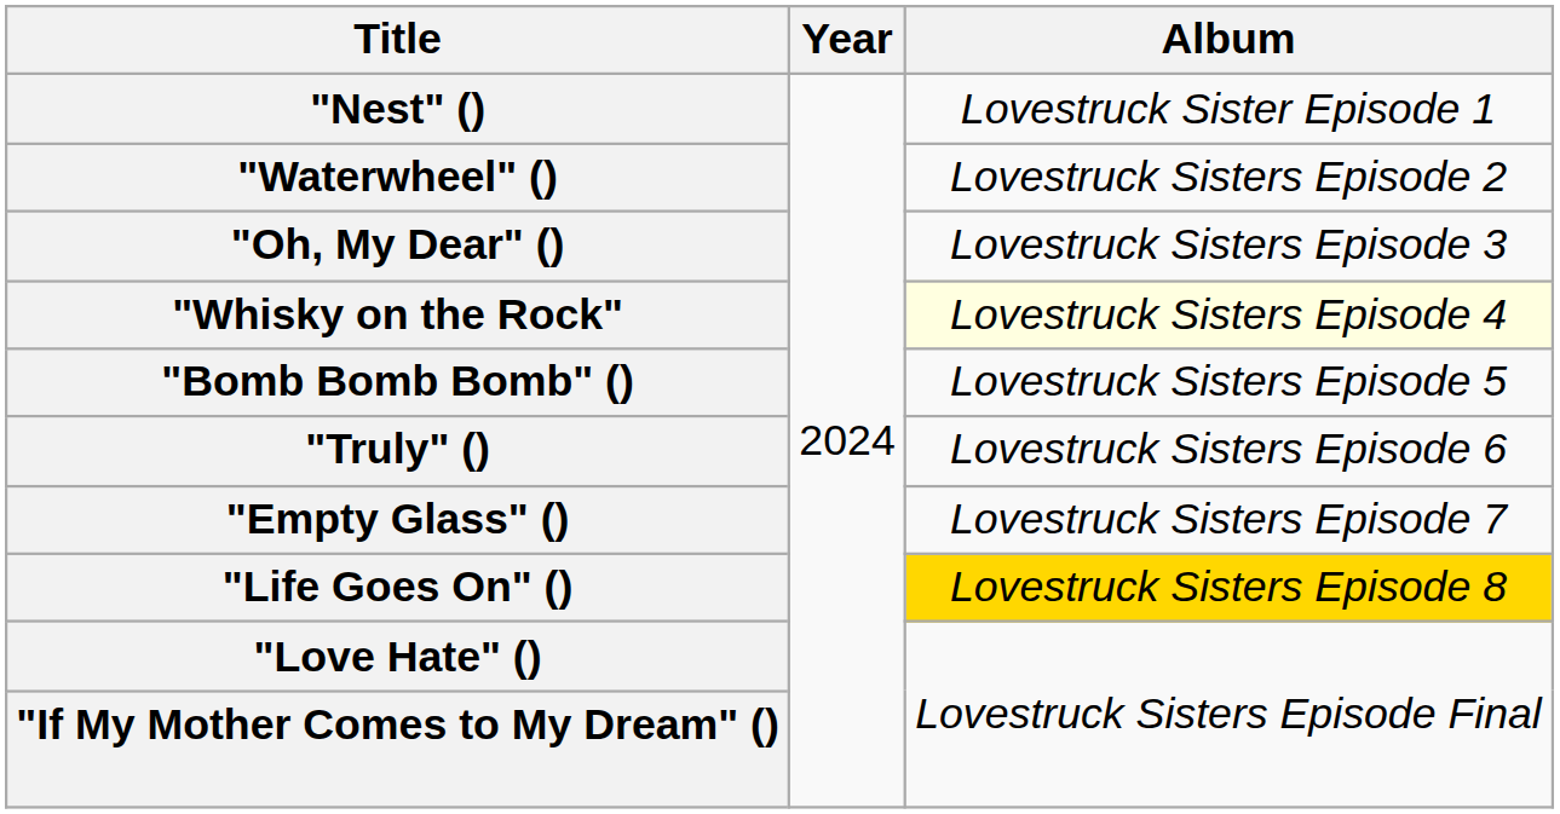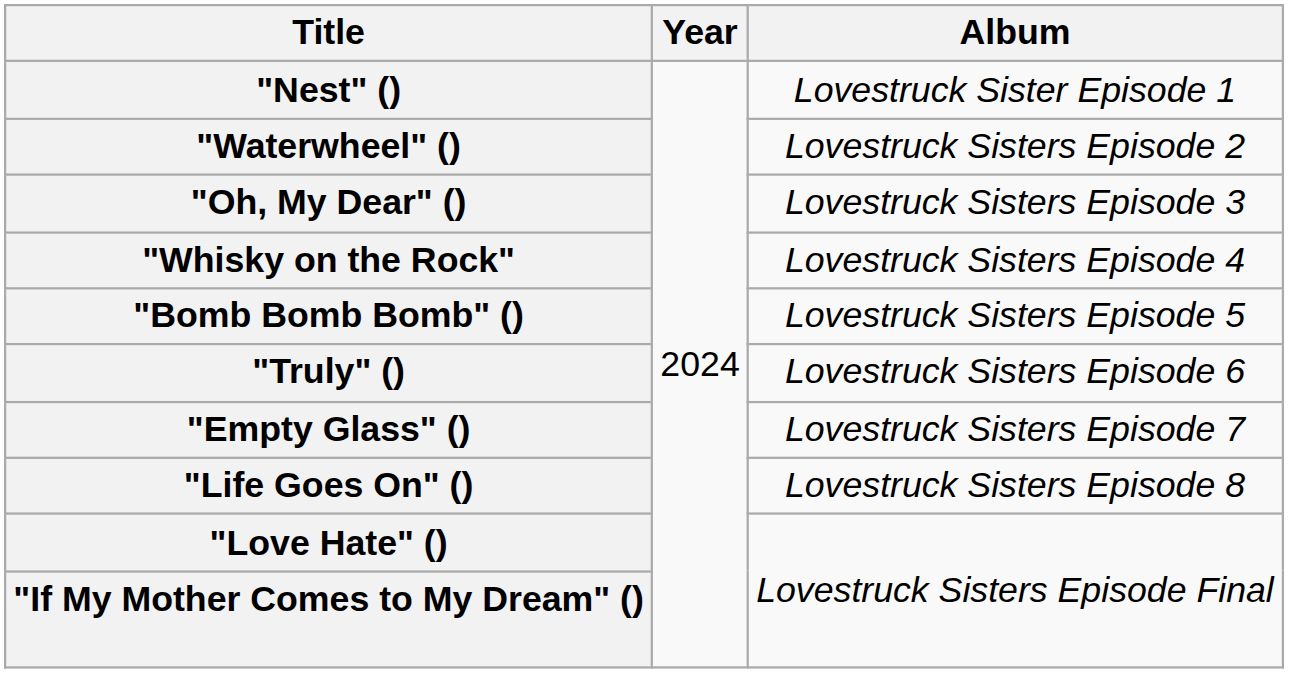 <table class="wikitable plainrowheaders" style="text-align:center">
 <tr>
 <th scope="col">Title</th>
 <th scope="col">Year<br></th>
 <th scope="col">Album<br></th>
 </tr>
 <tr>
 <th scope="row">"Nest" ()</th>
 <td rowspan="10">2024</td>
 <td><em>Lovestruck Sister Episode 1</em></td>
 </tr>
 <tr>
 <th scope="row">"Waterwheel" ()<br></th>
 <td><em>Lovestruck Sisters Episode 2</em></td>
 </tr>
 <tr>
 <th scope="row">"Oh, My Dear" ()<br></th>
 <td><em>Lovestruck Sisters Episode 3</em></td>
 </tr>
 <tr>
 <th scope="row">"Whisky on the Rock"<br></th>
-<td style="background: lightyellow;"><em>Lovestruck Sisters Episode 4</em></td>
+<td><em>Lovestruck Sisters Episode 4</em></td>
 </tr>
 <tr>
 <th scope="row">"Bomb Bomb Bomb" ()</th>
 <td><em>Lovestruck Sisters Episode 5</em></td>
 </tr>
 <tr>
 <th scope="row">"Truly" ()<br></th>
 <td><em>Lovestruck Sisters Episode 6</em></td>
 </tr>
 <tr>
 <th scope="row">"Empty Glass" ()<br></th>
 <td><em>Lovestruck Sisters Episode 7</em></td>
 </tr>
 <tr>
 <th scope="row">"Life Goes On" ()</th>
-<td style="background: gold;"><em>Lovestruck Sisters Episode 8</em></td>
+<td><em>Lovestruck Sisters Episode 8</em></td>
 </tr>
 <tr>
 <th scope="row">"Love Hate" ()</th>
 <td rowspan=2><em>Lovestruck Sisters Episode Final</em></td>
 </tr>
 <tr>
 <th scope="row">"If My Mother Comes to My Dream" ()<br><br></th>
 </tr>
 </table>
